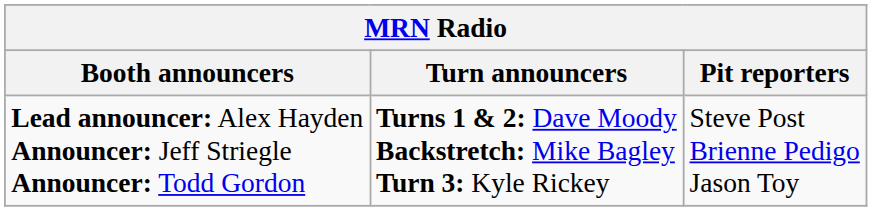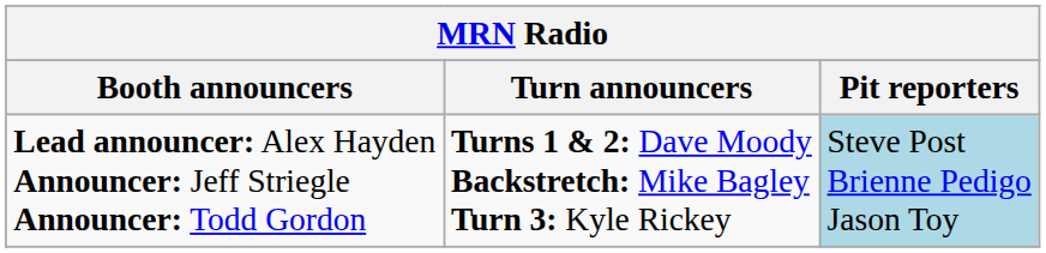 <table class="wikitable" style="font-size: 95%;">
 <tr>
 <th colspan="3"><a href='#'>MRN</a> Radio</th>
 </tr>
 <tr>
 <th>Booth announcers</th>
 <th>Turn announcers</th>
 <th>Pit reporters</th>
 </tr>
 <tr>
 <td><strong>Lead announcer:</strong> Alex Hayden<br><strong>Announcer:</strong> Jeff Striegle<br><strong>Announcer:</strong> <a href='#'>Todd Gordon</a></td>
 <td><strong>Turns 1 & 2:</strong> <a href='#'>Dave Moody</a><br><strong>Backstretch:</strong> <a href='#'>Mike Bagley</a><br><strong>Turn 3:</strong> Kyle Rickey</td>
-<td>Steve Post<br><a href='#'>Brienne Pedigo</a><br>Jason Toy</td>
+<td style="background: lightblue;">Steve Post<br><a href='#'>Brienne Pedigo</a><br>Jason Toy</td>
 </tr>
 </table>
